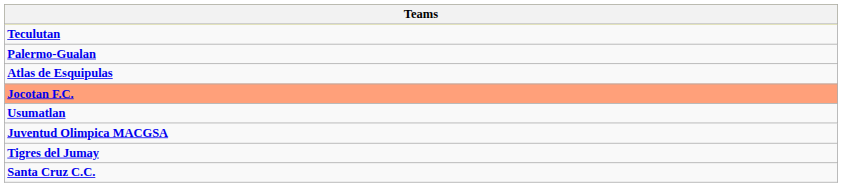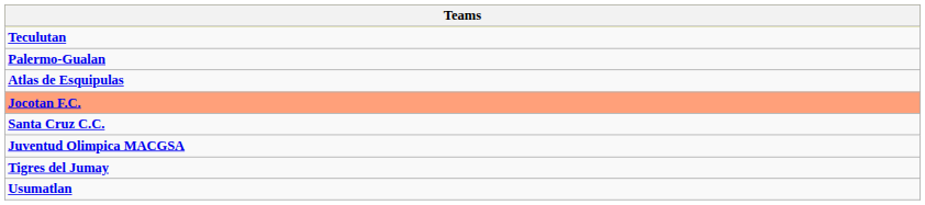 <table class="wikitable">
 <tr bgcolor=yellow align="center">
 <th width= 20%>Teams</th>
 </tr>
 <tr>
 <td><strong><a href='#'>Teculutan</a></strong></td>
 </tr>
 <tr>
 <td><strong><a href='#'>Palermo-Gualan</a></strong></td>
 </tr>
 <tr>
 <td><strong><a href='#'>Atlas de Esquipulas</a></strong></td>
 </tr>
 <tr>
 <td style="background: lightsalmon;"><strong><a href='#'>Jocotan F.C.</a></strong></td>
 </tr>
 <tr>
-<td><strong><a href='#'>Usumatlan</a></strong></td>
+<td><strong><a href='#'>Santa Cruz C.C.</a></strong></td>
 </tr>
 <tr>
 <td><strong><a href='#'>Juventud Olimpica MACGSA</a></strong></td>
 </tr>
 <tr>
 <td><strong><a href='#'>Tigres del Jumay</a></strong></td>
 </tr>
 <tr>
-<td><strong><a href='#'>Santa Cruz C.C.</a></strong></td>
+<td><strong><a href='#'>Usumatlan</a></strong></td>
 </tr>
 </table>
